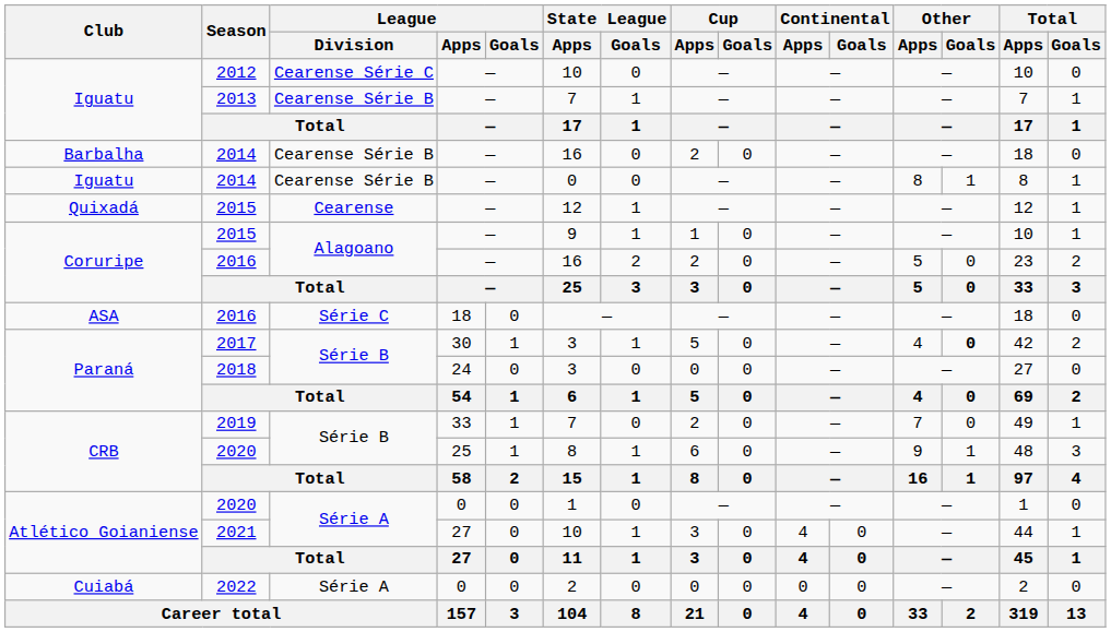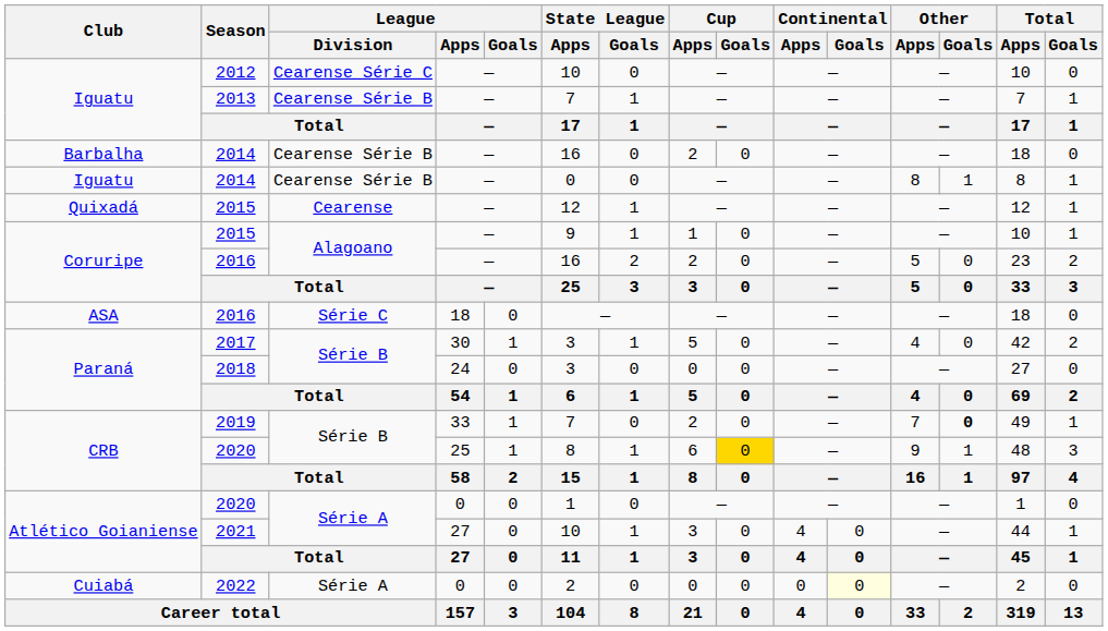 <table class="wikitable" style="text-align: center;">
 <tr>
 <th rowspan="2">Club</th>
 <th rowspan="2">Season</th>
 <th colspan="3">League</th>
 <th colspan="2">State League</th>
 <th colspan="2">Cup</th>
 <th colspan="2">Continental</th>
 <th colspan="2">Other</th>
 <th colspan="2">Total</th>
 </tr>
 <tr>
 <th>Division</th>
 <th>Apps</th>
 <th>Goals</th>
 <th>Apps</th>
 <th>Goals</th>
 <th>Apps</th>
 <th>Goals</th>
 <th>Apps</th>
 <th>Goals</th>
 <th>Apps</th>
 <th>Goals</th>
 <th>Apps</th>
 <th>Goals</th>
 </tr>
 <tr>
 <td rowspan="3" valign="center"><a href='#'>Iguatu</a></td>
 <td><a href='#'>2012</a></td>
 <td><a href='#'>Cearense Série C</a></td>
 <td colspan="2">—</td>
 <td>10</td>
 <td>0</td>
 <td colspan="2">—</td>
 <td colspan="2">—</td>
 <td colspan="2">—</td>
 <td>10</td>
 <td>0</td>
 </tr>
 <tr>
 <td><a href='#'>2013</a></td>
 <td><a href='#'>Cearense Série B</a></td>
 <td colspan="2">—</td>
 <td>7</td>
 <td>1</td>
 <td colspan="2">—</td>
 <td colspan="2">—</td>
 <td colspan="2">—</td>
 <td>7</td>
 <td>1</td>
 </tr>
 <tr>
 <th colspan="2">Total</th>
 <th colspan="2">—</th>
 <th>17</th>
 <th>1</th>
 <th colspan="2">—</th>
 <th colspan="2">—</th>
 <th colspan="2">—</th>
 <th>17</th>
 <th>1</th>
 </tr>
 <tr>
 <td valign="center"><a href='#'>Barbalha</a></td>
 <td><a href='#'>2014</a></td>
 <td>Cearense Série B</td>
 <td colspan="2">—</td>
 <td>16</td>
 <td>0</td>
 <td>2</td>
 <td>0</td>
 <td colspan="2">—</td>
 <td colspan="2">—</td>
 <td>18</td>
 <td>0</td>
 </tr>
 <tr>
 <td valign="center"><a href='#'>Iguatu</a></td>
 <td><a href='#'>2014</a></td>
 <td>Cearense Série B</td>
 <td colspan="2">—</td>
 <td>0</td>
 <td>0</td>
 <td colspan="2">—</td>
 <td colspan="2">—</td>
 <td>8</td>
 <td>1</td>
 <td>8</td>
 <td>1</td>
 </tr>
 <tr>
 <td valign="center"><a href='#'>Quixadá</a></td>
 <td><a href='#'>2015</a></td>
 <td><a href='#'>Cearense</a></td>
 <td colspan="2">—</td>
 <td>12</td>
 <td>1</td>
 <td colspan="2">—</td>
 <td colspan="2">—</td>
 <td colspan="2">—</td>
 <td>12</td>
 <td>1</td>
 </tr>
 <tr>
 <td rowspan="3" valign="center"><a href='#'>Coruripe</a></td>
 <td><a href='#'>2015</a></td>
 <td rowspan="2"><a href='#'>Alagoano</a></td>
 <td colspan="2">—</td>
 <td>9</td>
 <td>1</td>
 <td>1</td>
 <td>0</td>
 <td colspan="2">—</td>
 <td colspan="2">—</td>
 <td>10</td>
 <td>1</td>
 </tr>
 <tr>
 <td><a href='#'>2016</a></td>
 <td colspan="2">—</td>
 <td>16</td>
 <td>2</td>
 <td>2</td>
 <td>0</td>
 <td colspan="2">—</td>
 <td>5</td>
 <td>0</td>
 <td>23</td>
 <td>2</td>
 </tr>
 <tr>
 <th colspan="2">Total</th>
 <th colspan="2">—</th>
 <th>25</th>
 <th>3</th>
 <th>3</th>
 <th>0</th>
 <th colspan="2">—</th>
 <th>5</th>
 <th>0</th>
 <th>33</th>
 <th>3</th>
 </tr>
 <tr>
 <td valign="center"><a href='#'>ASA</a></td>
 <td><a href='#'>2016</a></td>
 <td><a href='#'>Série C</a></td>
 <td>18</td>
 <td>0</td>
 <td colspan="2">—</td>
 <td colspan="2">—</td>
 <td colspan="2">—</td>
 <td colspan="2">—</td>
 <td>18</td>
 <td>0</td>
 </tr>
 <tr>
 <td rowspan="3" valign="center"><a href='#'>Paraná</a></td>
 <td><a href='#'>2017</a></td>
 <td rowspan="2"><a href='#'>Série B</a></td>
 <td>30</td>
 <td>1</td>
 <td>3</td>
 <td>1</td>
 <td>5</td>
 <td>0</td>
 <td colspan="2">—</td>
 <td>4</td>
-<td><strong>0</strong></td>
+<td>0</td>
 <td>42</td>
 <td>2</td>
 </tr>
 <tr>
 <td><a href='#'>2018</a></td>
 <td>24</td>
 <td>0</td>
 <td>3</td>
 <td>0</td>
 <td>0</td>
 <td>0</td>
 <td colspan="2">—</td>
 <td colspan="2">—</td>
 <td>27</td>
 <td>0</td>
 </tr>
 <tr>
 <th colspan="2">Total</th>
 <th>54</th>
 <th>1</th>
 <th>6</th>
 <th>1</th>
 <th>5</th>
 <th>0</th>
 <th colspan="2">—</th>
 <th>4</th>
 <th>0</th>
 <th>69</th>
 <th>2</th>
 </tr>
 <tr>
 <td rowspan="3" valign="center"><a href='#'>CRB</a></td>
 <td><a href='#'>2019</a></td>
 <td rowspan="2">Série B</td>
 <td>33</td>
 <td>1</td>
 <td>7</td>
 <td>0</td>
 <td>2</td>
 <td>0</td>
 <td colspan="2">—</td>
 <td>7</td>
-<td>0</td>
+<td><strong>0</strong></td>
 <td>49</td>
 <td>1</td>
 </tr>
 <tr>
 <td><a href='#'>2020</a></td>
 <td>25</td>
 <td>1</td>
 <td>8</td>
 <td>1</td>
 <td>6</td>
-<td>0</td>
+<td style="background: gold;">0</td>
 <td colspan="2">—</td>
 <td>9</td>
 <td>1</td>
 <td>48</td>
 <td>3</td>
 </tr>
 <tr>
 <th colspan="2">Total</th>
 <th>58</th>
 <th>2</th>
 <th>15</th>
 <th>1</th>
 <th>8</th>
 <th>0</th>
 <th colspan="2">—</th>
 <th>16</th>
 <th>1</th>
 <th>97</th>
 <th>4</th>
 </tr>
 <tr>
 <td rowspan="3" valign="center"><a href='#'>Atlético Goianiense</a></td>
 <td><a href='#'>2020</a></td>
 <td rowspan="2"><a href='#'>Série A</a></td>
 <td>0</td>
 <td>0</td>
 <td>1</td>
 <td>0</td>
 <td colspan="2">—</td>
 <td colspan="2">—</td>
 <td colspan="2">—</td>
 <td>1</td>
 <td>0</td>
 </tr>
 <tr>
 <td><a href='#'>2021</a></td>
 <td>27</td>
 <td>0</td>
 <td>10</td>
 <td>1</td>
 <td>3</td>
 <td>0</td>
 <td>4</td>
 <td>0</td>
 <td colspan="2">—</td>
 <td>44</td>
 <td>1</td>
 </tr>
 <tr>
 <th colspan="2">Total</th>
 <th>27</th>
 <th>0</th>
 <th>11</th>
 <th>1</th>
 <th>3</th>
 <th>0</th>
 <th>4</th>
 <th>0</th>
 <th colspan="2">—</th>
 <th>45</th>
 <th>1</th>
 </tr>
 <tr>
 <td valign="center"><a href='#'>Cuiabá</a></td>
 <td><a href='#'>2022</a></td>
 <td>Série A</td>
 <td>0</td>
 <td>0</td>
 <td>2</td>
 <td>0</td>
 <td>0</td>
 <td>0</td>
 <td>0</td>
-<td>0</td>
+<td style="background: lightyellow;">0</td>
 <td colspan="2">—</td>
 <td>2</td>
 <td>0</td>
 </tr>
 <tr>
 <th colspan="3"><strong>Career total</strong></th>
 <th>157</th>
 <th>3</th>
 <th>104</th>
 <th>8</th>
 <th>21</th>
 <th>0</th>
 <th>4</th>
 <th>0</th>
 <th>33</th>
 <th>2</th>
 <th>319</th>
 <th>13</th>
 </tr>
 </table>
